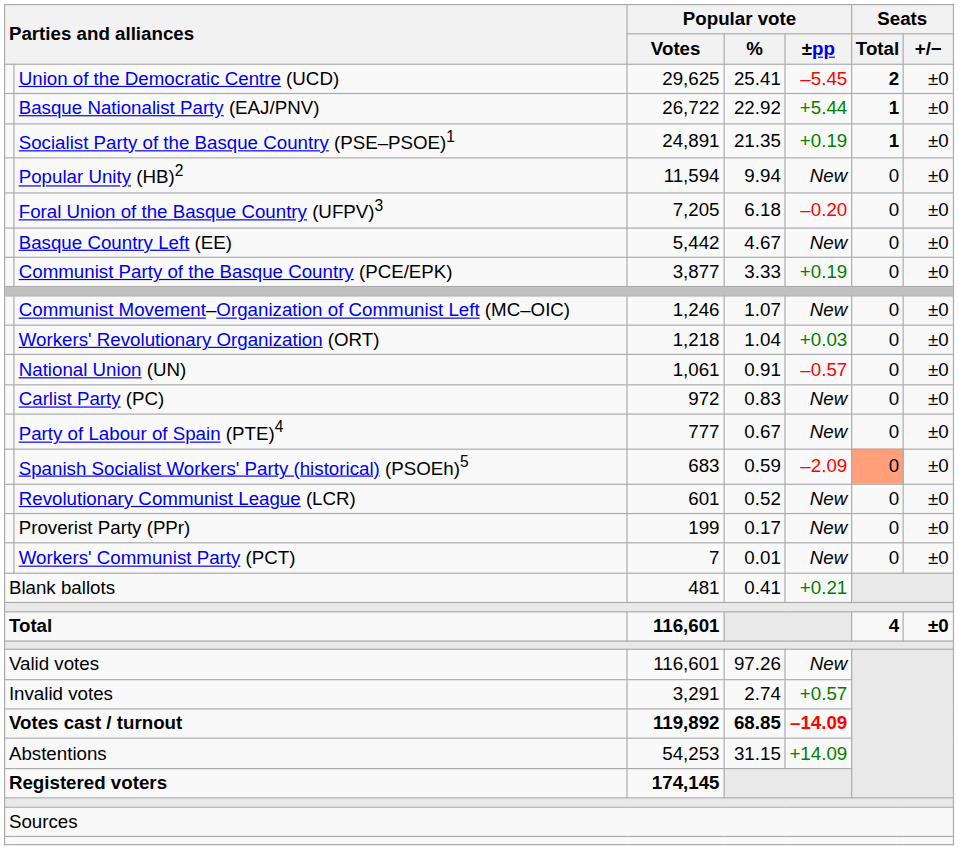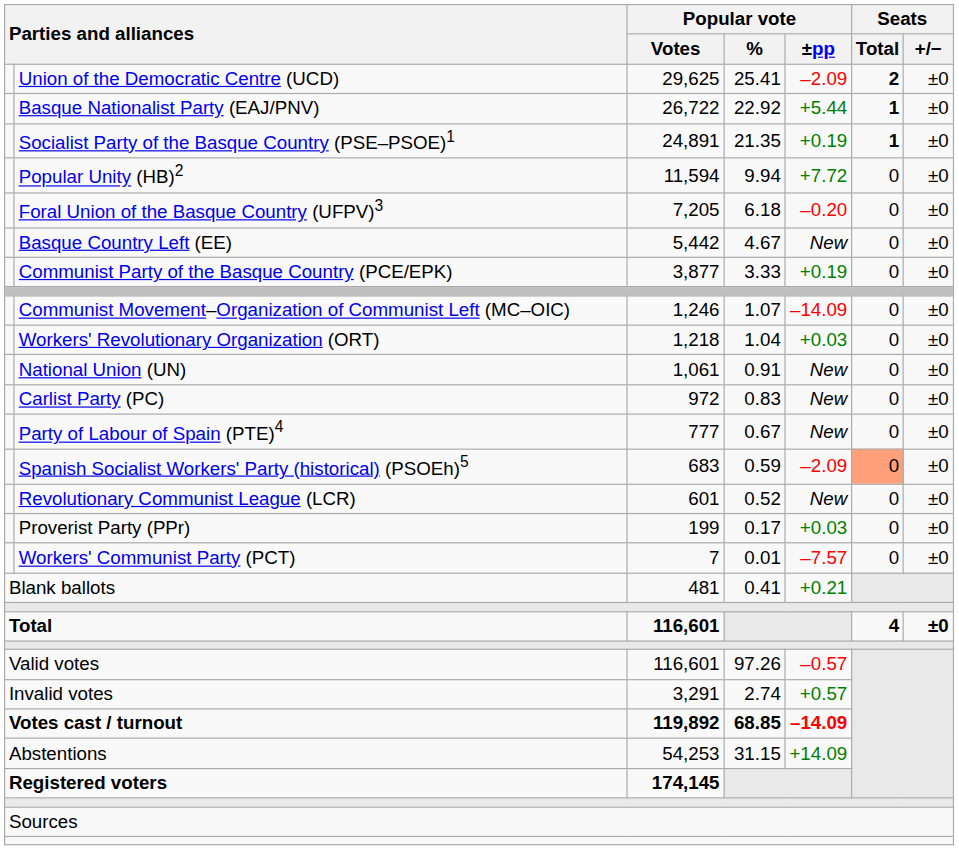 <table class="wikitable" style="text-align:right;">
 <tr>
 <th style="text-align:left;" rowspan="2" colspan="2" width="525">Parties and alliances</th>
 <th colspan="3">Popular vote</th>
 <th colspan="2">Seats</th>
 </tr>
 <tr>
 <th width="75">Votes</th>
 <th width="45">%</th>
 <th width="45">±<a href='#'>pp</a></th>
 <th width="35">Total</th>
 <th width="35">+/−</th>
 </tr>
 <tr>
 <td width="1" style="color:inherit;background:"></td>
 <td align="left"><a href='#'>Union of the Democratic Centre</a> (UCD)</td>
 <td>29,625</td>
 <td>25.41</td>
-<td style="color:red;">–5.45</td>
+<td style="color:red;">–2.09</td>
 <td><strong>2</strong></td>
 <td>±0</td>
 </tr>
 <tr>
 <td style="color:inherit;background:"></td>
 <td align="left"><a href='#'>Basque Nationalist Party</a> (EAJ/PNV)</td>
 <td>26,722</td>
 <td>22.92</td>
 <td style="color:green;">+5.44</td>
 <td><strong>1</strong></td>
 <td>±0</td>
 </tr>
 <tr>
 <td style="color:inherit;background:"></td>
 <td align="left"><a href='#'>Socialist Party of the Basque Country</a> (PSE–PSOE)<sup>1</sup></td>
 <td>24,891</td>
 <td>21.35</td>
 <td style="color:green;">+0.19</td>
 <td><strong>1</strong></td>
 <td>±0</td>
 </tr>
 <tr>
 <td style="color:inherit;background:"></td>
 <td align="left"><a href='#'>Popular Unity</a> (HB)<sup>2</sup></td>
 <td>11,594</td>
 <td>9.94</td>
-<td><em>New</em></td>
+<td style="color:green;">+7.72</td>
 <td>0</td>
 <td>±0</td>
 </tr>
 <tr>
 <td style="color:inherit;background:"></td>
 <td align="left"><a href='#'>Foral Union of the Basque Country</a> (UFPV)<sup>3</sup></td>
 <td>7,205</td>
 <td>6.18</td>
 <td style="color:red;">–0.20</td>
 <td>0</td>
 <td>±0</td>
 </tr>
 <tr>
 <td style="color:inherit;background:"></td>
 <td align="left"><a href='#'>Basque Country Left</a> (EE)</td>
 <td>5,442</td>
 <td>4.67</td>
 <td><em>New</em></td>
 <td>0</td>
 <td>±0</td>
 </tr>
 <tr>
 <td style="color:inherit;background:"></td>
 <td align="left"><a href='#'>Communist Party of the Basque Country</a> (PCE/EPK)</td>
 <td>3,877</td>
 <td>3.33</td>
 <td style="color:green;">+0.19</td>
 <td>0</td>
 <td>±0</td>
 </tr>
 <tr>
 <td colspan="7" bgcolor="#C0C0C0"></td>
 </tr>
 <tr>
 <td style="color:inherit;background:"></td>
 <td align="left"><a href='#'>Communist Movement</a>–<a href='#'>Organization of Communist Left</a> (MC–OIC)</td>
 <td>1,246</td>
 <td>1.07</td>
-<td><em>New</em></td>
+<td style="color:red;">–14.09</td>
 <td>0</td>
 <td>±0</td>
 </tr>
 <tr>
 <td style="color:inherit;background:"></td>
 <td align="left"><a href='#'>Workers' Revolutionary Organization</a> (ORT)</td>
 <td>1,218</td>
 <td>1.04</td>
 <td style="color:green;">+0.03</td>
 <td>0</td>
 <td>±0</td>
 </tr>
 <tr>
 <td style="color:inherit;background:"></td>
 <td align="left"><a href='#'>National Union</a> (UN)</td>
 <td>1,061</td>
 <td>0.91</td>
-<td style="color:red;">–0.57</td>
+<td><em>New</em></td>
 <td>0</td>
 <td>±0</td>
 </tr>
 <tr>
 <td style="color:inherit;background:"></td>
 <td align="left"><a href='#'>Carlist Party</a> (PC)</td>
 <td>972</td>
 <td>0.83</td>
 <td><em>New</em></td>
 <td>0</td>
 <td>±0</td>
 </tr>
 <tr>
 <td style="color:inherit;background:"></td>
 <td align="left"><a href='#'>Party of Labour of Spain</a> (PTE)<sup>4</sup></td>
 <td>777</td>
 <td>0.67</td>
 <td><em>New</em></td>
 <td>0</td>
 <td>±0</td>
 </tr>
 <tr>
 <td style="color:inherit;background:"></td>
 <td align="left"><a href='#'>Spanish Socialist Workers' Party (historical)</a> (PSOEh)<sup>5</sup></td>
 <td>683</td>
 <td>0.59</td>
 <td style="color:red;">–2.09</td>
 <td style="background: lightsalmon;">0</td>
 <td>±0</td>
 </tr>
 <tr>
 <td style="color:inherit;background:"></td>
 <td align="left"><a href='#'>Revolutionary Communist League</a> (LCR)</td>
 <td>601</td>
 <td>0.52</td>
 <td><em>New</em></td>
 <td>0</td>
 <td>±0</td>
 </tr>
 <tr>
 <td style="color:inherit;background:"></td>
 <td align="left">Proverist Party (PPr)</td>
 <td>199</td>
 <td>0.17</td>
-<td><em>New</em></td>
+<td style="color:green;">+0.03</td>
 <td>0</td>
 <td>±0</td>
 </tr>
 <tr>
 <td style="color:inherit;background:"></td>
 <td align="left"><a href='#'>Workers' Communist Party</a> (PCT)</td>
 <td>7</td>
 <td>0.01</td>
-<td><em>New</em></td>
+<td style="color:red;">–7.57</td>
 <td>0</td>
 <td>±0</td>
 </tr>
 <tr>
 <td align="left" colspan="2">Blank ballots</td>
 <td>481</td>
 <td>0.41</td>
 <td style="color:green;">+0.21</td>
 <td bgcolor="#E9E9E9" colspan="2"></td>
 </tr>
 <tr>
 <td colspan="7" bgcolor="#E9E9E9"></td>
 </tr>
 <tr style="font-weight:bold;">
 <td align="left" colspan="2">Total</td>
 <td>116,601</td>
 <td bgcolor="#E9E9E9" colspan="2"></td>
 <td>4</td>
 <td>±0</td>
 </tr>
 <tr>
 <td colspan="7" bgcolor="#E9E9E9"></td>
 </tr>
 <tr>
 <td align="left" colspan="2">Valid votes</td>
 <td>116,601</td>
 <td>97.26</td>
-<td><em>New</em></td>
+<td style="color:red;">–0.57</td>
 <td bgcolor="#E9E9E9" colspan="2" rowspan="5"></td>
 </tr>
 <tr>
 <td align="left" colspan="2">Invalid votes</td>
 <td>3,291</td>
 <td>2.74</td>
 <td style="color:green;">+0.57</td>
 </tr>
 <tr style="font-weight:bold;">
 <td align="left" colspan="2">Votes cast / turnout</td>
 <td>119,892</td>
 <td>68.85</td>
 <td style="color:red;">–14.09</td>
 </tr>
 <tr>
 <td align="left" colspan="2">Abstentions</td>
 <td>54,253</td>
 <td>31.15</td>
 <td style="color:green;">+14.09</td>
 </tr>
 <tr style="font-weight:bold;">
 <td align="left" colspan="2">Registered voters</td>
 <td>174,145</td>
 <td bgcolor="#E9E9E9" colspan="2"></td>
 </tr>
 <tr>
 <td colspan="7" bgcolor="#E9E9E9"></td>
 </tr>
 <tr>
 <td align="left" colspan="7">Sources</td>
 </tr>
 <tr>
 <td colspan="7" style="text-align:left; max-width:790px;"></td>
 </tr>
 </table>
